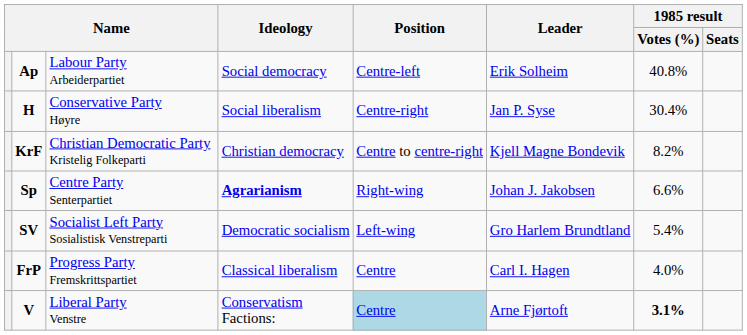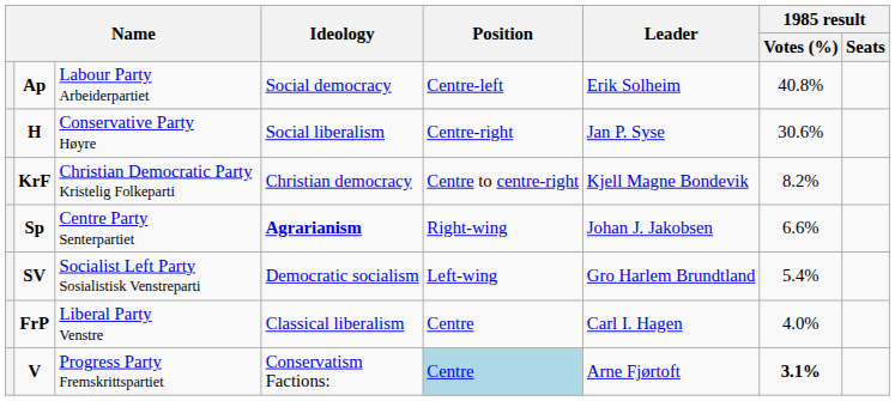 <table class="wikitable">
 <tr>
 <th rowspan=2 colspan=3 width=225px>Name</th>
 <th rowspan=2>Ideology</th>
 <th rowspan=2>Position</th>
 <th rowspan=2>Leader</th>
 <th colspan=2>1985 result</th>
 </tr>
 <tr>
 <th>Votes (%)</th>
 <th>Seats</th>
 </tr>
 <tr>
 <th style="background:"></th>
 <td align=center><strong>Ap</strong></td>
 <td><a href='#'>Labour Party</a><br><small>Arbeiderpartiet</small></td>
 <td><a href='#'>Social democracy</a></td>
 <td><a href='#'>Centre-left</a></td>
 <td><a href='#'>Erik Solheim</a></td>
 <td align=center>40.8%</td>
 <td></td>
 </tr>
 <tr>
 <th style="background:"></th>
 <td align=center><strong>H</strong></td>
 <td><a href='#'>Conservative Party</a><br><small>Høyre</small></td>
 <td><a href='#'>Social liberalism</a></td>
 <td><a href='#'>Centre-right</a></td>
 <td><a href='#'>Jan P. Syse</a></td>
-<td align=center>30.4%</td>
+<td align=center>30.6%</td>
 <td></td>
 </tr>
 <tr>
 <th style="background:"></th>
 <td align="center"><strong>KrF</strong></td>
 <td><a href='#'>Christian Democratic Party</a><br><small>Kristelig Folkeparti</small></td>
 <td><a href='#'>Christian democracy</a></td>
 <td><a href='#'>Centre</a> to <a href='#'>centre-right</a></td>
 <td><a href='#'>Kjell Magne Bondevik</a></td>
 <td align="center">8.2%</td>
 <td></td>
 </tr>
 <tr>
 <th style="background:"></th>
 <td align="center"><strong>Sp</strong></td>
 <td><a href='#'>Centre Party</a><br><small>Senterpartiet</small></td>
 <td><strong><a href='#'>Agrarianism</a></strong></td>
 <td><a href='#'>Right-wing</a></td>
 <td><a href='#'>Johan J. Jakobsen</a></td>
 <td align="center">6.6%</td>
 <td></td>
 </tr>
 <tr>
 <th style="background:"></th>
 <td align="center"><strong>SV</strong></td>
 <td><a href='#'>Socialist Left Party</a><br><small>Sosialistisk Venstreparti</small></td>
 <td><a href='#'>Democratic socialism</a></td>
 <td><a href='#'>Left-wing</a></td>
 <td><a href='#'>Gro Harlem Brundtland</a></td>
 <td align="center">5.4%</td>
 <td></td>
 </tr>
 <tr>
 <th style="background:"></th>
 <td align="center"><strong>FrP</strong></td>
-<td><a href='#'>Progress Party</a><br><small>Fremskrittspartiet</small></td>
+<td><a href='#'>Liberal Party</a><br><small>Venstre</small></td>
 <td><a href='#'>Classical liberalism</a></td>
 <td><a href='#'>Centre</a></td>
 <td><a href='#'>Carl I. Hagen</a></td>
 <td align="center">4.0%</td>
 <td></td>
 </tr>
 <tr>
 <th style="background:"></th>
 <td align="center"><strong>V</strong></td>
-<td><a href='#'>Liberal Party</a><br><small>Venstre</small></td>
+<td><a href='#'>Progress Party</a><br><small>Fremskrittspartiet</small></td>
 <td><a href='#'>Conservatism</a><br>Factions:</td>
 <td style="background: lightblue;"><a href='#'>Centre</a></td>
 <td><a href='#'>Arne Fjørtoft</a></td>
 <td align="center"><strong>3.1%</strong></td>
 <td></td>
 </tr>
 </table>
